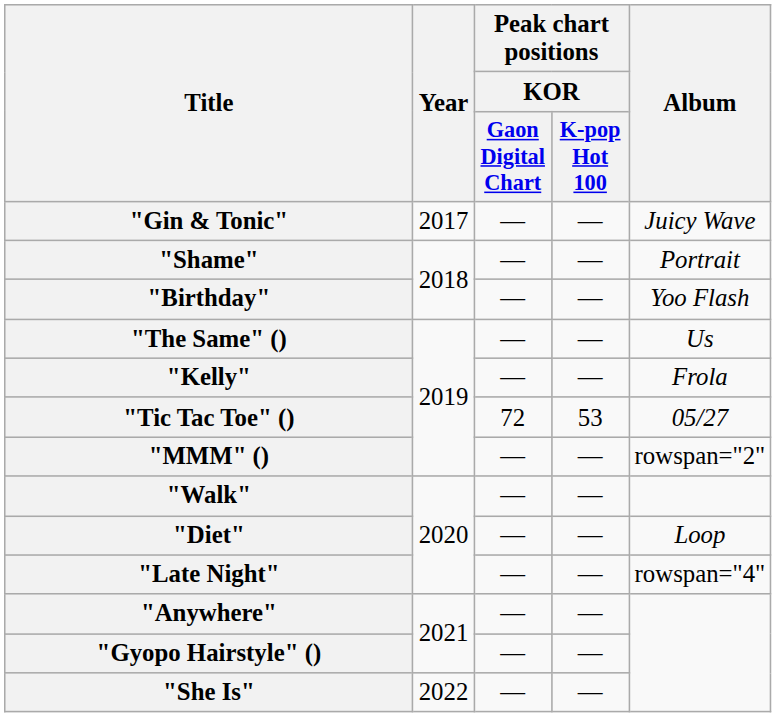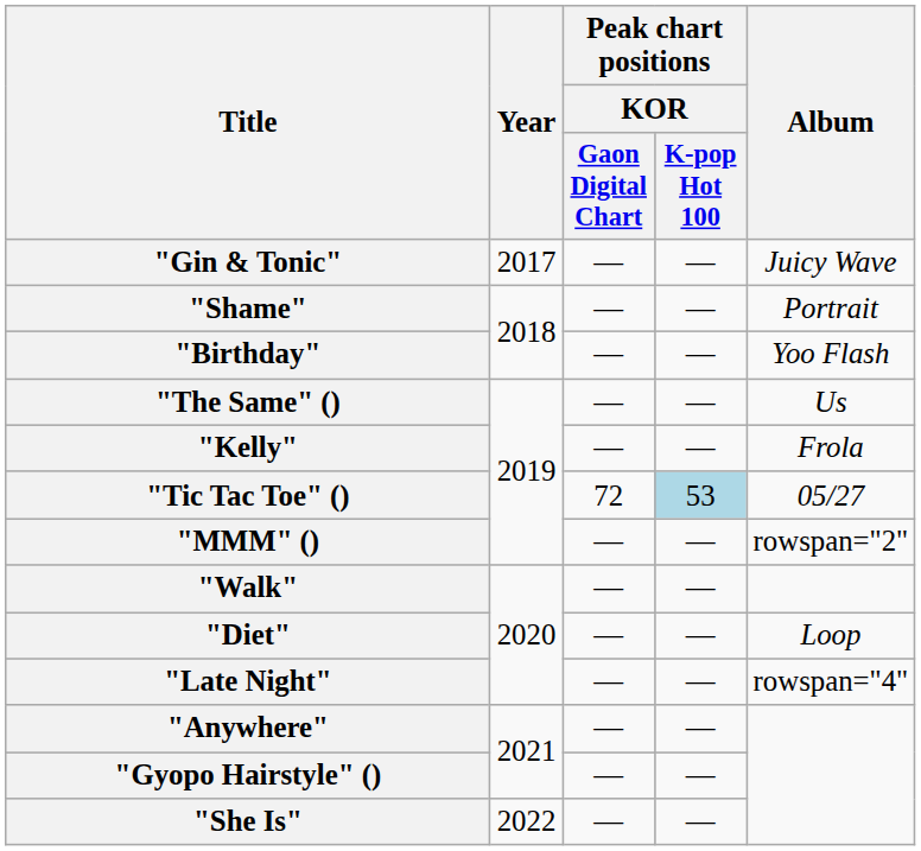 <table class="wikitable plainrowheaders" style="text-align:center;" border="1">
 <tr>
 <th scope="col" rowspan="3" style="width:16em;">Title</th>
 <th scope="col" rowspan="3">Year</th>
 <th scope="col" colspan="2">Peak chart positions</th>
 <th scope="col" rowspan="3">Album</th>
 </tr>
 <tr>
 <th scope="col" colspan="2">KOR</th>
 </tr>
 <tr>
 <th scope="col" style="width:3em;font-size:90%;"><a href='#'>Gaon Digital Chart</a><br></th>
 <th scope="col" style="width:3em;font-size:90%;"><a href='#'>K-pop Hot 100</a><br></th>
 </tr>
 <tr>
 <th scope="row">"Gin & Tonic"</th>
 <td>2017</td>
 <td>—</td>
 <td>—</td>
 <td><em>Juicy Wave</em></td>
 </tr>
 <tr>
 <th scope="row">"Shame"<br></th>
 <td rowspan="2">2018</td>
 <td>—</td>
 <td>—</td>
 <td><em>Portrait</em></td>
 </tr>
 <tr>
 <th scope="row">"Birthday"<br></th>
 <td>—</td>
 <td>—</td>
 <td><em>Yoo Flash</em></td>
 </tr>
 <tr>
 <th scope="row">"The Same" ()</th>
 <td rowspan="4">2019</td>
 <td>—</td>
 <td>—</td>
 <td><em>Us</em></td>
 </tr>
 <tr>
 <th scope="row">"Kelly"</th>
 <td>—</td>
 <td>—</td>
 <td><em>Frola</em></td>
 </tr>
 <tr>
 <th scope="row">"Tic Tac Toe" ()<br></th>
 <td>72</td>
-<td>53</td>
+<td style="background: lightblue;">53</td>
 <td><em>05/27</em></td>
 </tr>
 <tr>
 <th scope="row">"MMM" ()</th>
 <td>—</td>
 <td>—</td>
 <td>rowspan="2" </td>
 </tr>
 <tr>
 <th scope="row">"Walk"</th>
 <td rowspan="3">2020</td>
 <td>—</td>
 <td>—</td>
 </tr>
 <tr>
 <th scope="row">"Diet"<br></th>
 <td>—</td>
 <td>—</td>
 <td><em>Loop</em></td>
 </tr>
 <tr>
 <th scope="row">"Late Night"</th>
 <td>—</td>
 <td>—</td>
 <td>rowspan="4" </td>
 </tr>
 <tr>
 <th scope="row">"Anywhere"</th>
 <td rowspan="2">2021</td>
 <td>—</td>
 <td>—</td>
 </tr>
 <tr>
 <th scope="row">"Gyopo Hairstyle" ()</th>
 <td>—</td>
 <td>—</td>
 </tr>
 <tr>
 <th scope="row">"She Is"</th>
 <td>2022</td>
 <td>—</td>
 <td>—</td>
 </tr>
 </table>
